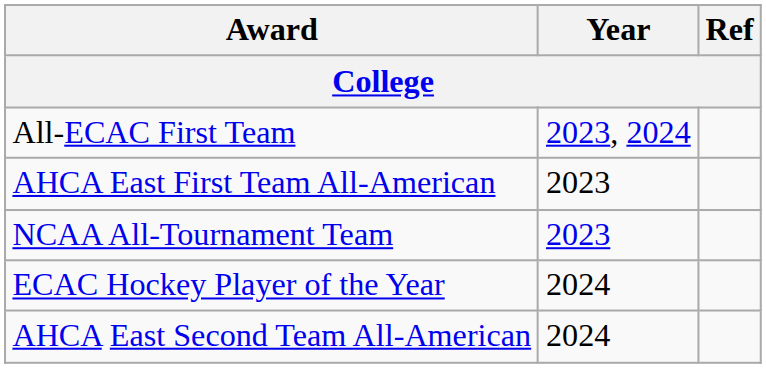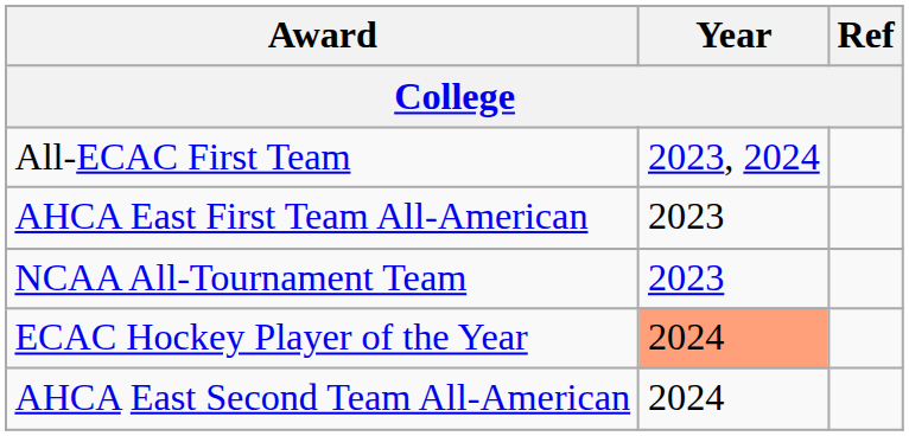 <table class="wikitable">
 <tr>
 <th>Award</th>
 <th>Year</th>
 <th>Ref</th>
 </tr>
 <tr>
 <th colspan="3"><a href='#'>College</a></th>
 </tr>
 <tr>
 <td>All-<a href='#'>ECAC First Team</a></td>
 <td><a href='#'>2023</a>, <a href='#'>2024</a></td>
 <td></td>
 </tr>
 <tr>
 <td><a href='#'>AHCA East First Team All-American</a></td>
 <td>2023</td>
 <td></td>
 </tr>
 <tr>
 <td><a href='#'>NCAA All-Tournament Team</a></td>
 <td><a href='#'>2023</a></td>
 <td></td>
 </tr>
 <tr>
 <td><a href='#'>ECAC Hockey Player of the Year</a></td>
-<td>2024</td>
+<td style="background: lightsalmon;">2024</td>
 <td></td>
 </tr>
 <tr>
 <td><a href='#'>AHCA</a> <a href='#'>East Second Team All-American</a></td>
 <td>2024</td>
 <td></td>
 </tr>
 </table>
